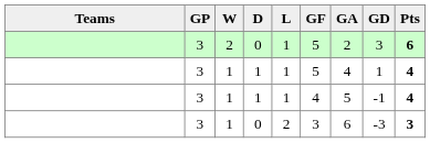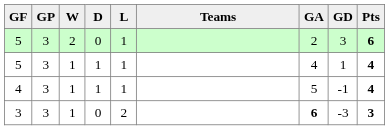 <table style=border-collapse:collapse border=1 cellspacing=0 cellpadding=5>
 <tr align=center bgcolor=#efefef>
-<th width=185>Teams</th>
+<th width=20>GF</th>
 <th width=20>GP</th>
 <th width=20>W</th>
 <th width=20>D</th>
 <th width=20>L</th>
-<th width=20>GF</th>
+<th width=185>Teams</th>
 <th width=20>GA</th>
 <th width=20>GD</th>
 <th width=20>Pts<br></th>
 </tr>
 <tr align=center style="background:#ccffcc;">
-<td style="text-align:left;"></td>
+<td>5</td>
 <td>3</td>
 <td>2</td>
 <td>0</td>
 <td>1</td>
-<td>5</td>
+<td style="text-align:left;"></td>
 <td>2</td>
 <td>3</td>
 <td><strong>6</strong></td>
 </tr>
 <tr align=center>
-<td style="text-align:left;"></td>
+<td>5</td>
 <td>3</td>
 <td>1</td>
 <td>1</td>
 <td>1</td>
-<td>5</td>
+<td style="text-align:left;"></td>
 <td>4</td>
 <td>1</td>
 <td><strong>4</strong></td>
 </tr>
 <tr align=center>
-<td style="text-align:left;"></td>
+<td>4</td>
 <td>3</td>
 <td>1</td>
 <td>1</td>
 <td>1</td>
-<td>4</td>
+<td style="text-align:left;"></td>
 <td>5</td>
 <td>-1</td>
 <td><strong>4</strong></td>
 </tr>
 <tr align=center>
-<td style="text-align:left;"></td>
+<td>3</td>
 <td>3</td>
 <td>1</td>
 <td>0</td>
 <td>2</td>
-<td>3</td>
-<td>6</td>
+<td style="text-align:left;"></td>
+<td><strong>6</strong></td>
 <td>-3</td>
 <td><strong>3</strong></td>
 </tr>
 </table>
